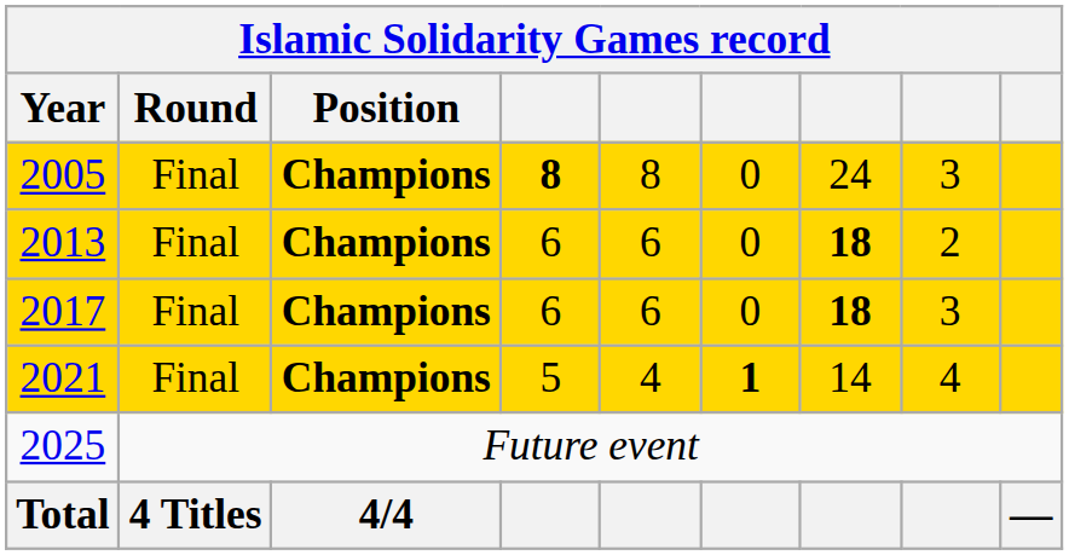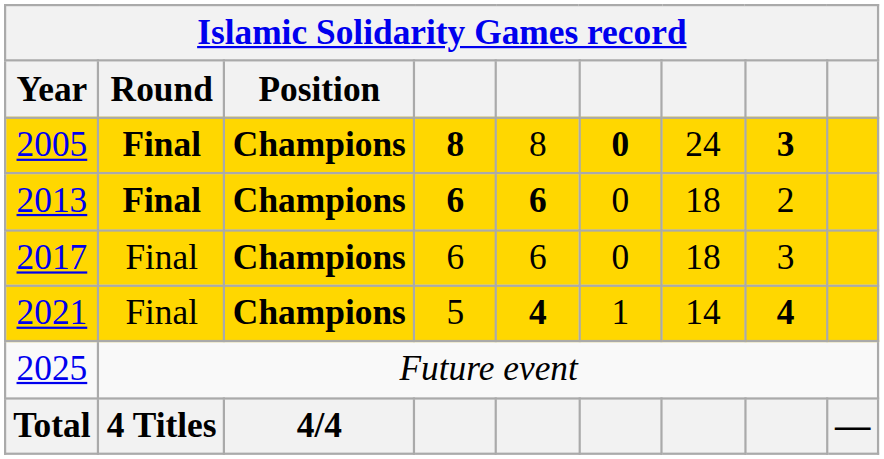 <table class="wikitable" style="text-align: center;">
 <tr>
 <th colspan=9><a href='#'>Islamic Solidarity Games record</a></th>
 </tr>
 <tr>
 <th>Year</th>
 <th>Round</th>
 <th>Position</th>
 <th width=30></th>
 <th width=30></th>
 <th width=30></th>
 <th width=30></th>
 <th width=30></th>
 <th></th>
 </tr>
 <tr bgcolor=gold>
 <td> <a href='#'>2005</a></td>
-<td>Final</td>
+<td><strong>Final</strong></td>
 <td><strong>Champions</strong></td>
 <td><strong>8</strong></td>
 <td>8</td>
-<td>0</td>
+<td><strong>0</strong></td>
 <td>24</td>
-<td>3</td>
+<td><strong>3</strong></td>
 <td></td>
 </tr>
 <tr bgcolor=gold>
 <td> <a href='#'>2013</a></td>
-<td>Final</td>
+<td><strong>Final</strong></td>
 <td><strong>Champions</strong></td>
-<td>6</td>
-<td>6</td>
+<td><strong>6</strong></td>
+<td><strong>6</strong></td>
 <td>0</td>
-<td><strong>18</strong></td>
+<td>18</td>
 <td>2</td>
 <td></td>
 </tr>
 <tr bgcolor=gold>
 <td> <a href='#'>2017</a></td>
 <td>Final</td>
 <td><strong>Champions</strong></td>
 <td>6</td>
 <td>6</td>
 <td>0</td>
-<td><strong>18</strong></td>
+<td>18</td>
 <td>3</td>
 <td></td>
 </tr>
 <tr bgcolor=gold>
 <td> <a href='#'>2021</a></td>
 <td>Final</td>
 <td><strong>Champions</strong></td>
 <td>5</td>
-<td>4</td>
-<td><strong>1</strong></td>
+<td><strong>4</strong></td>
+<td>1</td>
 <td>14</td>
-<td>4</td>
+<td><strong>4</strong></td>
 <td></td>
 </tr>
 <tr>
 <td> <a href='#'>2025</a></td>
 <td colspan=8><em>Future event</em></td>
 </tr>
 <tr>
 <th>Total</th>
 <th>4 Titles</th>
 <th>4/4</th>
 <th></th>
 <th></th>
 <th></th>
 <th></th>
 <th></th>
 <th>—</th>
 </tr>
 </table>
